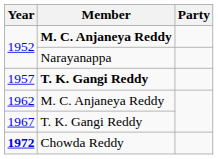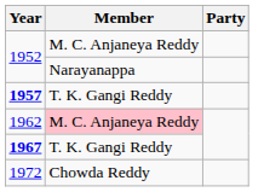 <table class="wikitable sortable">
 <tr>
 <th>Year</th>
 <th>Member</th>
 <th colspan=2>Party</th>
 </tr>
 <tr>
 <td rowspan="2"><a href='#'>1952</a></td>
-<td><strong>M. C. Anjaneya Reddy</strong></td>
+<td>M. C. Anjaneya Reddy</td>
 <td></td>
 </tr>
 <tr>
 <td>Narayanappa</td>
 </tr>
 <tr>
-<td><a href='#'>1957</a></td>
-<td><strong>T. K. Gangi Reddy</strong></td>
+<td><strong><a href='#'>1957</a></strong></td>
+<td>T. K. Gangi Reddy</td>
 <td></td>
 </tr>
 <tr>
 <td><a href='#'>1962</a></td>
-<td>M. C. Anjaneya Reddy</td>
+<td style="background: pink;">M. C. Anjaneya Reddy</td>
 </tr>
 <tr>
-<td><a href='#'>1967</a></td>
+<td><strong><a href='#'>1967</a></strong></td>
 <td>T. K. Gangi Reddy</td>
 </tr>
 <tr>
-<td><strong><a href='#'>1972</a></strong></td>
+<td><a href='#'>1972</a></td>
 <td>Chowda Reddy</td>
 <td></td>
 </tr>
 </table>
